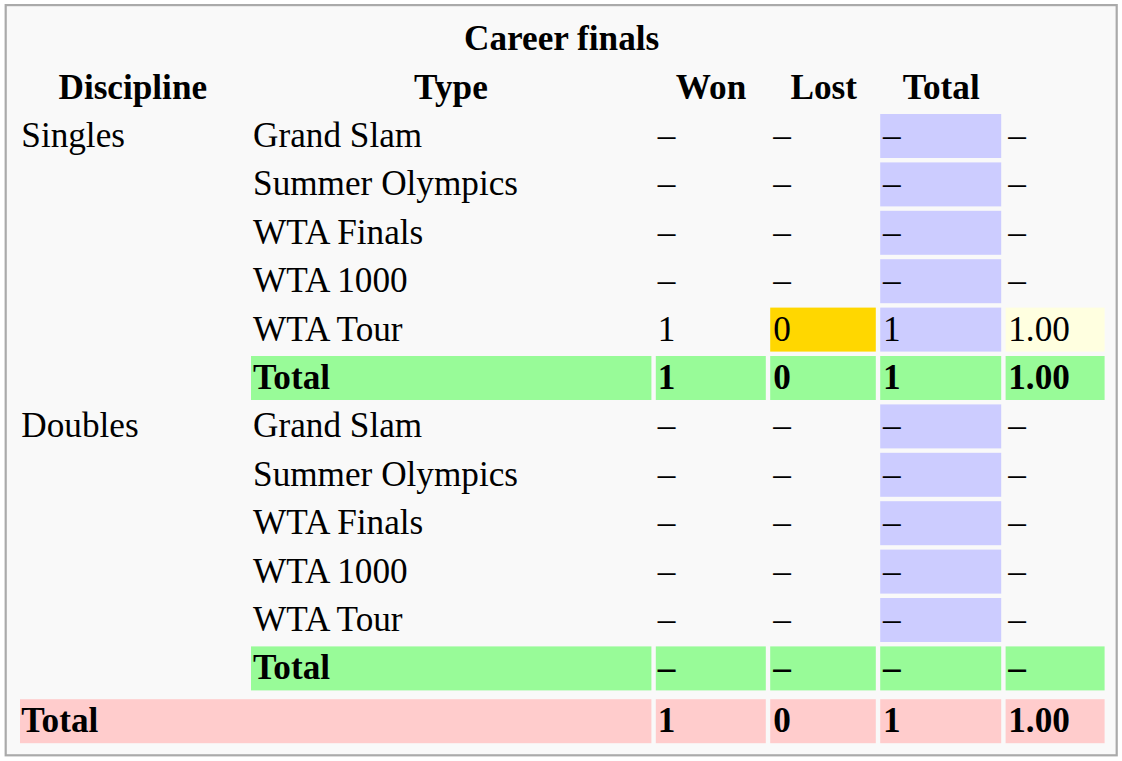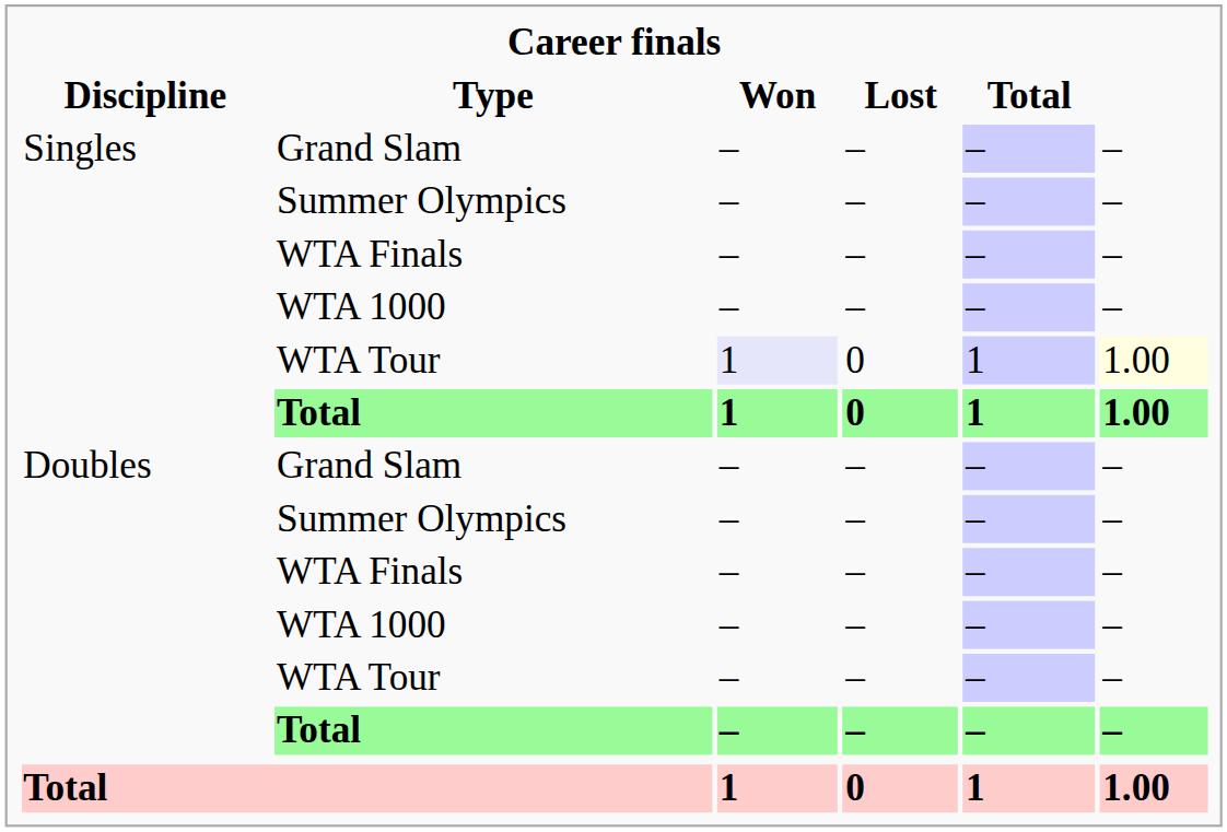 <table class="infobox vcard vevent nowrap" width="40%">
 <tr>
 <th colspan="6">Career finals</th>
 </tr>
 <tr>
 <th>Discipline</th>
 <th>Type</th>
 <th>Won</th>
 <th>Lost</th>
 <th>Total</th>
 <th></th>
 </tr>
 <tr>
 <td rowspan="6">Singles</td>
 <td>Grand Slam</td>
 <td>–</td>
 <td>–</td>
 <td bgcolor="CCCCFF">–</td>
 <td>–</td>
 </tr>
 <tr>
 <td>Summer Olympics</td>
 <td>–</td>
 <td>–</td>
 <td bgcolor="CCCCFF">–</td>
 <td>–</td>
 </tr>
 <tr>
 <td>WTA Finals</td>
 <td>–</td>
 <td>–</td>
 <td bgcolor="CCCCFF">–</td>
 <td>–</td>
 </tr>
 <tr>
 <td>WTA 1000</td>
 <td>–</td>
 <td>–</td>
 <td bgcolor="CCCCFF">–</td>
 <td>–</td>
 </tr>
 <tr>
 <td>WTA Tour</td>
-<td>1</td>
-<td style="background: gold;">0</td>
+<td style="background: lavender;">1</td>
+<td>0</td>
 <td bgcolor="CCCCFF">1</td>
 <td style="background: lightyellow;">1.00</td>
 </tr>
 <tr bgcolor="98FB98">
 <td><strong>Total</strong></td>
 <td><strong>1</strong></td>
 <td><strong>0</strong></td>
 <td><strong>1</strong></td>
 <td><strong>1.00</strong></td>
 </tr>
 <tr>
 <td rowspan="6">Doubles</td>
 <td>Grand Slam</td>
 <td>–</td>
 <td>–</td>
 <td bgcolor="CCCCFF">–</td>
 <td>–</td>
 </tr>
 <tr>
 <td>Summer Olympics</td>
 <td>–</td>
 <td>–</td>
 <td bgcolor="CCCCFF">–</td>
 <td>–</td>
 </tr>
 <tr>
 <td>WTA Finals</td>
 <td>–</td>
 <td>–</td>
 <td bgcolor="CCCCFF">–</td>
 <td>–</td>
 </tr>
 <tr>
 <td>WTA 1000</td>
 <td>–</td>
 <td>–</td>
 <td bgcolor="CCCCFF">–</td>
 <td>–</td>
 </tr>
 <tr>
 <td>WTA Tour</td>
 <td>–</td>
 <td>–</td>
 <td bgcolor="CCCCFF">–</td>
 <td>–</td>
 </tr>
 <tr bgcolor="98FB98">
 <td><strong>Total</strong></td>
 <td><strong>–</strong></td>
 <td><strong>–</strong></td>
 <td><strong>–</strong></td>
 <td><strong>–</strong></td>
 </tr>
 <tr>
 </tr>
 <tr bgcolor="FFCCCC">
 <td colspan="2"><strong>Total</strong></td>
 <td><strong>1</strong></td>
 <td><strong>0</strong></td>
 <td><strong>1</strong></td>
 <td><strong>1.00</strong></td>
 </tr>
 </table>
